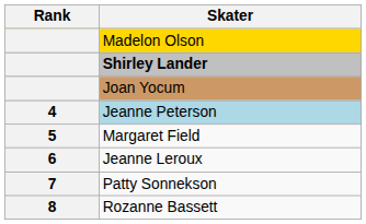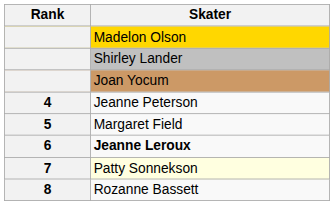 <table class="wikitable unsortable" style="text-align:left; width:30%">
 <tr>
 <th scope="col">Rank</th>
 <th scope="col">Skater</th>
 </tr>
 <tr bgcolor="gold">
 <th scope="row"></th>
 <td>Madelon Olson</td>
 </tr>
 <tr bgcolor="silver">
 <th scope="row"></th>
-<td><strong>Shirley Lander</strong></td>
+<td>Shirley Lander</td>
 </tr>
 <tr bgcolor="cc9966">
 <th scope="row"></th>
 <td>Joan Yocum</td>
 </tr>
 <tr>
 <th scope="row">4</th>
-<td style="background: lightblue;">Jeanne Peterson</td>
+<td>Jeanne Peterson</td>
 </tr>
 <tr>
 <th scope="row">5</th>
 <td>Margaret Field</td>
 </tr>
 <tr>
 <th scope="row">6</th>
-<td>Jeanne Leroux</td>
+<td><strong>Jeanne Leroux</strong></td>
 </tr>
 <tr>
 <th scope="row">7</th>
-<td>Patty Sonnekson</td>
+<td style="background: lightyellow;">Patty Sonnekson</td>
 </tr>
 <tr>
 <th scope="row">8</th>
 <td>Rozanne Bassett</td>
 </tr>
 </table>
